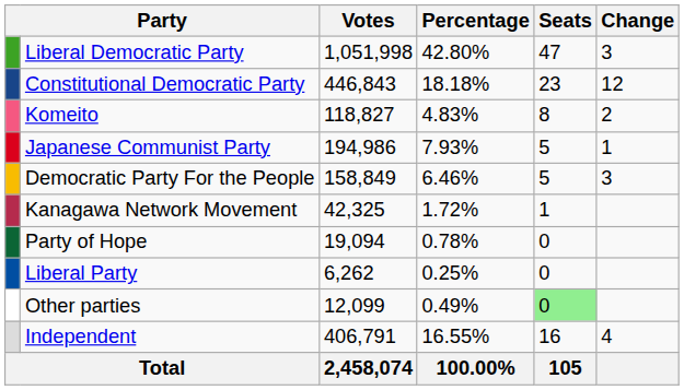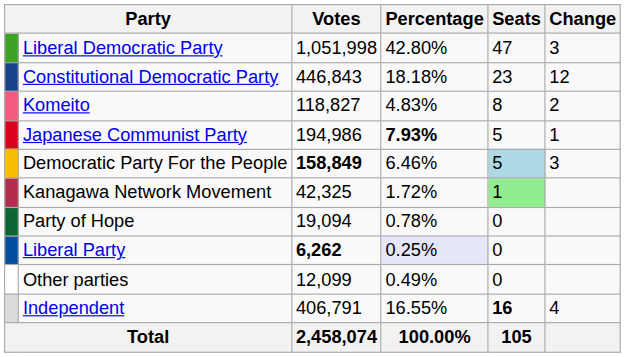 <table class="wikitable">
 <tr>
 <th colspan="2">Party</th>
 <th>Votes</th>
 <th>Percentage</th>
 <th>Seats</th>
 <th>Change</th>
 </tr>
 <tr>
 <td style="background:#3CA324;" width="5"></td>
 <td><a href='#'>Liberal Democratic Party</a></td>
 <td>1,051,998</td>
 <td>42.80%</td>
 <td>47</td>
 <td>3</td>
 </tr>
 <tr>
 <td style="background:#184589;" width="5"></td>
 <td><a href='#'>Constitutional Democratic Party</a></td>
 <td>446,843</td>
 <td>18.18%</td>
 <td>23</td>
 <td>12</td>
 </tr>
 <tr>
 <td style="background:#F55881;" width="5"></td>
 <td><a href='#'>Komeito</a></td>
 <td>118,827</td>
 <td>4.83%</td>
 <td>8</td>
 <td>2</td>
 </tr>
 <tr>
 <td style="background:#DB001C;" width="5"></td>
 <td><a href='#'>Japanese Communist Party</a></td>
 <td>194,986</td>
-<td>7.93%</td>
+<td><strong>7.93%</strong></td>
 <td>5</td>
 <td>1</td>
 </tr>
 <tr>
 <td style="background:#F8BC00;" width="5"></td>
 <td>Democratic Party For the People</td>
-<td>158,849</td>
+<td><strong>158,849</strong></td>
 <td>6.46%</td>
-<td>5</td>
+<td style="background: lightblue;">5</td>
 <td>3</td>
 </tr>
 <tr>
 <td style="background:#B52B4D;" width="5"></td>
 <td>Kanagawa Network Movement</td>
 <td>42,325</td>
 <td>1.72%</td>
-<td>1</td>
+<td style="background: lightgreen;">1</td>
 <td></td>
 </tr>
 <tr>
 <td style="background:#0B6535;" width="5"></td>
 <td>Party of Hope</td>
 <td>19,094</td>
 <td>0.78%</td>
 <td>0</td>
 <td></td>
 </tr>
 <tr>
 <td style="background:#004EA2;" width="5"></td>
 <td><a href='#'>Liberal Party</a></td>
-<td>6,262</td>
-<td>0.25%</td>
+<td><strong>6,262</strong></td>
+<td style="background: lavender;">0.25%</td>
 <td>0</td>
 <td></td>
 </tr>
 <tr>
 <td style="background:#FFFFFF;" width="5"></td>
 <td>Other parties</td>
 <td>12,099</td>
 <td>0.49%</td>
-<td style="background: lightgreen;">0</td>
+<td>0</td>
 <td></td>
 </tr>
 <tr>
 <td style="background:#DCDCDC;" width="5"></td>
 <td><a href='#'>Independent</a></td>
 <td>406,791</td>
 <td>16.55%</td>
-<td>16</td>
+<td><strong>16</strong></td>
 <td>4</td>
 </tr>
 <tr>
 <th colspan="2">Total</th>
 <th>2,458,074</th>
 <th>100.00%</th>
 <th>105</th>
 <th></th>
 </tr>
 </table>
